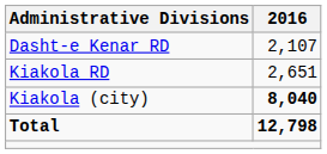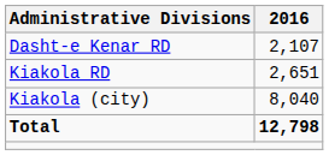 <table class="wikitable">
 <tr>
 <th>Administrative Divisions</th>
 <th>2016</th>
 </tr>
 <tr>
 <td><a href='#'>Dasht-e Kenar RD</a></td>
 <td style="text-align: right;">2,107</td>
 </tr>
 <tr>
 <td><a href='#'>Kiakola RD</a></td>
 <td style="text-align: right;">2,651</td>
 </tr>
 <tr>
 <td><a href='#'>Kiakola</a> (city)</td>
-<td style="text-align: right;"><strong>8,040</strong></td>
+<td style="text-align: right;">8,040</td>
 </tr>
 <tr>
 <td><strong>Total</strong></td>
 <td style="text-align: right;"><strong>12,798</strong></td>
 </tr>
 <tr>
 <td colspan=2></td>
 </tr>
 </table>
